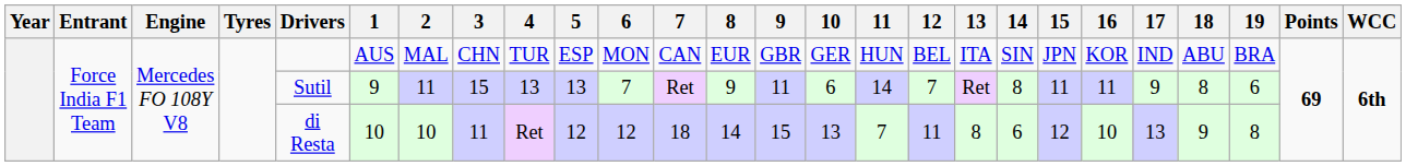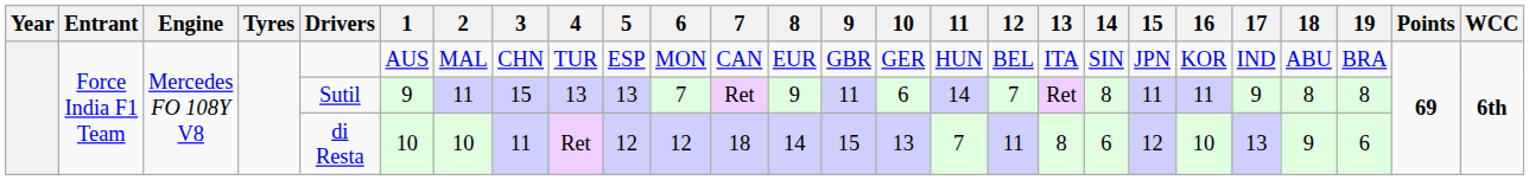 <table class="wikitable" style="text-align:center; font-size:95%">
 <tr>
 <th>Year</th>
 <th>Entrant</th>
 <th>Engine</th>
 <th>Tyres</th>
 <th>Drivers</th>
 <th>1</th>
 <th>2</th>
 <th>3</th>
 <th>4</th>
 <th>5</th>
 <th>6</th>
 <th>7</th>
 <th>8</th>
 <th>9</th>
 <th>10</th>
 <th>11</th>
 <th>12</th>
 <th>13</th>
 <th>14</th>
 <th>15</th>
 <th>16</th>
 <th>17</th>
 <th>18</th>
 <th>19</th>
 <th>Points</th>
 <th>WCC</th>
 </tr>
 <tr>
 <th rowspan=3></th>
 <td rowspan=3><a href='#'>Force India F1 Team</a></td>
 <td rowspan=3><a href='#'>Mercedes</a> <em>FO 108Y</em> <a href='#'>V8</a></td>
 <td rowspan=3></td>
 <td></td>
 <td><a href='#'>AUS</a></td>
 <td><a href='#'>MAL</a></td>
 <td><a href='#'>CHN</a></td>
 <td><a href='#'>TUR</a></td>
 <td><a href='#'>ESP</a></td>
 <td><a href='#'>MON</a></td>
 <td><a href='#'>CAN</a></td>
 <td><a href='#'>EUR</a></td>
 <td><a href='#'>GBR</a></td>
 <td><a href='#'>GER</a></td>
 <td><a href='#'>HUN</a></td>
 <td><a href='#'>BEL</a></td>
 <td><a href='#'>ITA</a></td>
 <td><a href='#'>SIN</a></td>
 <td><a href='#'>JPN</a></td>
 <td><a href='#'>KOR</a></td>
 <td><a href='#'>IND</a></td>
 <td><a href='#'>ABU</a></td>
 <td><a href='#'>BRA</a></td>
 <td rowspan=3><strong>69</strong></td>
 <td rowspan=3><strong>6th</strong></td>
 </tr>
 <tr>
 <td><a href='#'>Sutil</a></td>
 <td style="background:#dfffdf;">9</td>
 <td style="background:#cfcfff;">11</td>
 <td style="background:#cfcfff;">15</td>
 <td style="background:#cfcfff;">13</td>
 <td style="background:#cfcfff;">13</td>
 <td style="background:#dfffdf;">7</td>
 <td style="background:#efcfff;">Ret</td>
 <td style="background:#dfffdf;">9</td>
 <td style="background:#cfcfff;">11</td>
 <td style="background:#dfffdf;">6</td>
 <td style="background:#cfcfff;">14</td>
 <td style="background:#dfffdf;">7</td>
 <td style="background:#efcfff;">Ret</td>
 <td style="background:#dfffdf;">8</td>
 <td style="background:#cfcfff;">11</td>
 <td style="background:#cfcfff;">11</td>
 <td style="background:#dfffdf;">9</td>
 <td style="background:#dfffdf;">8</td>
-<td style="background:#dfffdf;">6</td>
+<td style="background:#dfffdf;">8</td>
 </tr>
 <tr>
 <td><a href='#'>di Resta</a></td>
 <td style="background:#dfffdf;">10</td>
 <td style="background:#dfffdf;">10</td>
 <td style="background:#cfcfff;">11</td>
 <td style="background:#efcfff;">Ret</td>
 <td style="background:#cfcfff;">12</td>
 <td style="background:#cfcfff;">12</td>
 <td style="background:#cfcfff;">18 </td>
 <td style="background:#cfcfff;">14</td>
 <td style="background:#cfcfff;">15</td>
 <td style="background:#cfcfff;">13</td>
 <td style="background:#dfffdf;">7</td>
 <td style="background:#cfcfff;">11</td>
 <td style="background:#dfffdf;">8</td>
 <td style="background:#dfffdf;">6</td>
 <td style="background:#cfcfff;">12</td>
 <td style="background:#dfffdf;">10</td>
 <td style="background:#cfcfff;">13</td>
 <td style="background:#dfffdf;">9</td>
-<td style="background:#dfffdf;">8</td>
+<td style="background:#dfffdf;">6</td>
 </tr>
 </table>
